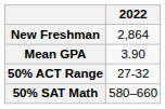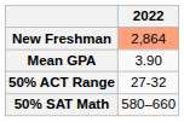 <table class="wikitable floatright" style="text-align:center">
 <tr>
 <th> </th>
 <th>2022</th>
 </tr>
 <tr>
 <th>New Freshman</th>
-<td>2,864</td>
+<td style="background: lightsalmon;">2,864</td>
 </tr>
 <tr>
 <th>Mean GPA</th>
 <td>3.90</td>
 </tr>
 <tr>
 <th>50% ACT Range</th>
 <td>27-32</td>
 </tr>
 <tr>
 <th>50% SAT Math</th>
 <td>580–660</td>
 </tr>
 </table>
